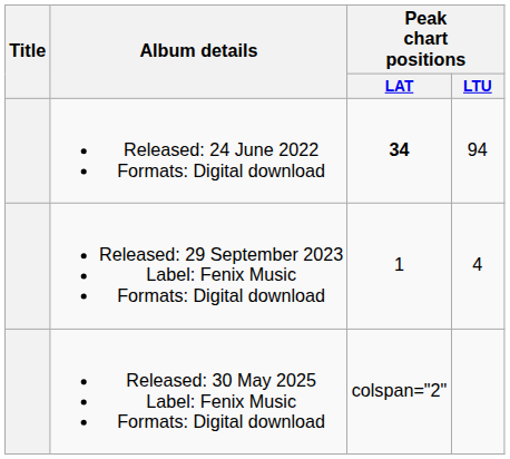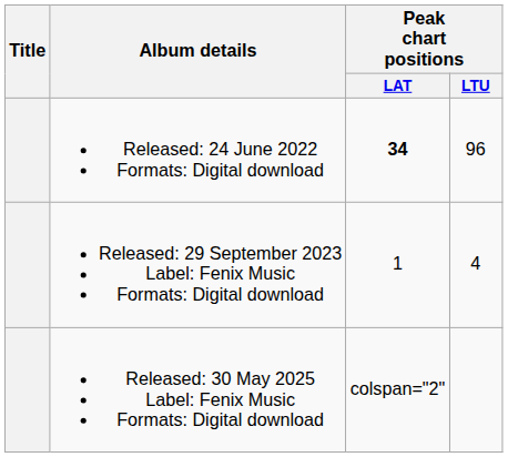 <table class="wikitable plainrowheaders" style="text-align:center;">
 <tr>
 <th rowspan="2">Title</th>
 <th rowspan="2">Album details</th>
 <th colspan="2">Peak<br>chart<br>positions</th>
 </tr>
 <tr>
 <th scope="col" style="width:3em; font-size:85%;"><a href='#'>LAT</a><br></th>
 <th scope="col" style="width:3em; font-size:85%;"><a href='#'>LTU</a><br></th>
 </tr>
 <tr>
 <th scope="row"><em></em></th>
 <td><br><ul><li>Released: 24 June 2022</li><li>Formats: Digital download</li></ul></td>
 <td><strong>34</strong></td>
-<td>94</td>
+<td>96</td>
 </tr>
 <tr>
 <th scope="row"><em></em></th>
 <td><br><ul><li>Released: 29 September 2023</li><li>Label: Fenix Music</li><li>Formats: Digital download</li></ul></td>
 <td>1</td>
 <td>4</td>
 </tr>
 <tr>
 <th scope="row"><em></em></th>
 <td><br><ul><li>Released: 30 May 2025</li><li>Label: Fenix Music</li><li>Formats: Digital download</li></ul></td>
 <td>colspan="2" </td>
 </tr>
 </table>
